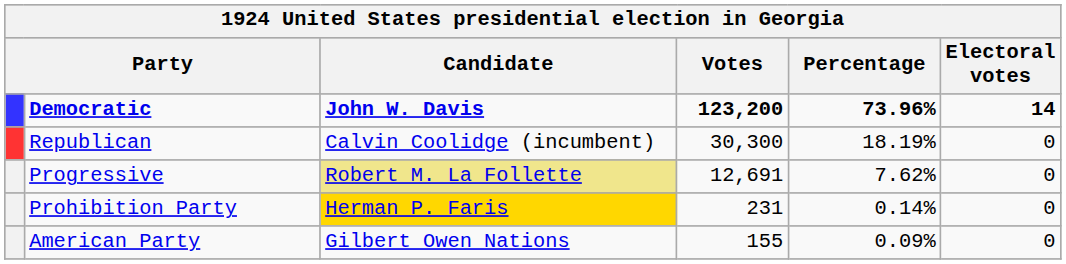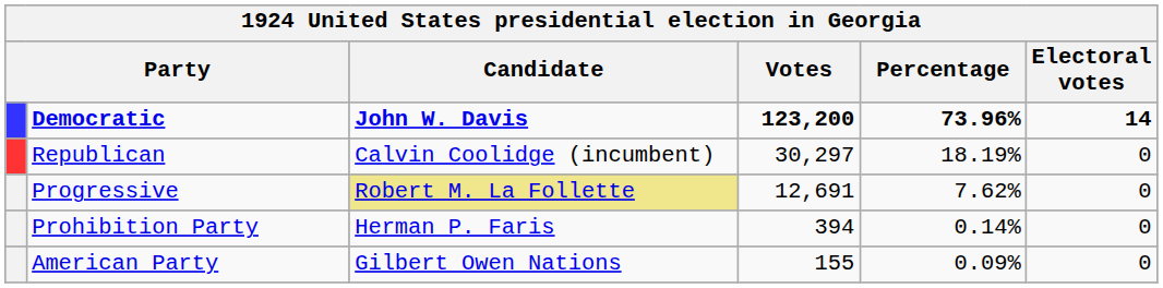 <table class="wikitable" style="font-size: 95%;">
 <tr>
 <th colspan="6">1924  United States presidential election in Georgia</th>
 </tr>
 <tr>
 <th colspan="2" style="width: 15em">Party</th>
 <th style="width: 17em">Candidate</th>
 <th style="width: 5em">Votes</th>
 <th style="width: 7em">Percentage</th>
 <th style="width: 5em">Electoral votes</th>
 </tr>
 <tr>
 <th style="background-color:#3333FF; width: 3px"></th>
 <td style="width: 130px"><strong><a href='#'>Democratic</a></strong></td>
 <td><strong><a href='#'>John W. Davis</a></strong></td>
 <td align="right"><strong>123,200</strong></td>
 <td align="right"><strong>73.96%</strong></td>
 <td align="right"><strong>14</strong></td>
 </tr>
 <tr>
 <th style="background-color:#FF3333; width: 3px"></th>
 <td style="width: 130px"><a href='#'>Republican</a></td>
 <td><a href='#'>Calvin Coolidge</a> (incumbent)</td>
-<td align="right">30,300</td>
+<td align="right">30,297</td>
 <td align="right">18.19%</td>
 <td align="right">0</td>
 </tr>
 <tr>
 <th style="background-color:"></th>
 <td style="width: 130px"><a href='#'>Progressive</a></td>
 <td style="background: khaki;"><a href='#'>Robert M. La Follette</a></td>
 <td align="right">12,691</td>
 <td align="right">7.62%</td>
 <td align="right">0</td>
 </tr>
 <tr>
 <th style="background-color:"></th>
 <td style="width: 130px"><a href='#'>Prohibition Party</a></td>
-<td style="background: gold;"><a href='#'>Herman P. Faris</a></td>
-<td align="right">231</td>
+<td><a href='#'>Herman P. Faris</a></td>
+<td align="right">394</td>
 <td align="right">0.14%</td>
 <td align="right">0</td>
 </tr>
 <tr>
 <th style="background-color:"></th>
 <td style="width: 130px"><a href='#'>American Party</a></td>
 <td><a href='#'>Gilbert Owen Nations</a></td>
 <td align="right">155</td>
 <td align="right">0.09%</td>
 <td align="right">0</td>
 </tr>
 </table>
